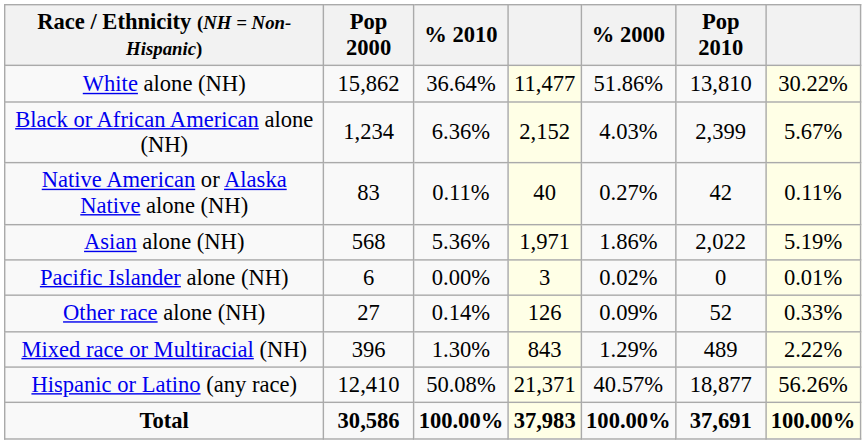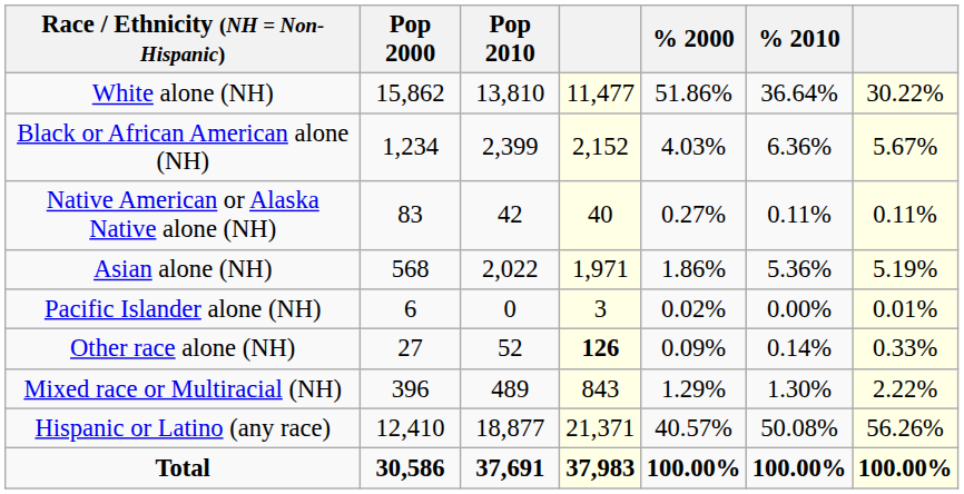 <table class="wikitable" style="text-align:center;">
 <tr>
 <th>Race / Ethnicity <small>(<em>NH = Non-Hispanic</em>)</small></th>
 <th>Pop 2000</th>
-<th>% 2010</th>
+<th>Pop 2010</th>
 <th></th>
 <th>% 2000</th>
-<th>Pop 2010</th>
+<th>% 2010</th>
 <th></th>
 </tr>
 <tr>
 <td><a href='#'>White</a> alone (NH)</td>
 <td>15,862</td>
-<td>36.64%</td>
+<td>13,810</td>
 <td style='background: #ffffe6;'>11,477</td>
 <td>51.86%</td>
-<td>13,810</td>
+<td>36.64%</td>
 <td style='background: #ffffe6;'>30.22%</td>
 </tr>
 <tr>
 <td><a href='#'>Black or African American</a> alone (NH)</td>
 <td>1,234</td>
-<td>6.36%</td>
+<td>2,399</td>
 <td style='background: #ffffe6;'>2,152</td>
 <td>4.03%</td>
-<td>2,399</td>
+<td>6.36%</td>
 <td style='background: #ffffe6;'>5.67%</td>
 </tr>
 <tr>
 <td><a href='#'>Native American</a> or <a href='#'>Alaska Native</a> alone (NH)</td>
 <td>83</td>
-<td>0.11%</td>
+<td>42</td>
 <td style='background: #ffffe6;'>40</td>
 <td>0.27%</td>
-<td>42</td>
+<td>0.11%</td>
 <td style='background: #ffffe6;'>0.11%</td>
 </tr>
 <tr>
 <td><a href='#'>Asian</a> alone (NH)</td>
 <td>568</td>
-<td>5.36%</td>
+<td>2,022</td>
 <td style='background: #ffffe6;'>1,971</td>
 <td>1.86%</td>
-<td>2,022</td>
+<td>5.36%</td>
 <td style='background: #ffffe6;'>5.19%</td>
 </tr>
 <tr>
 <td><a href='#'>Pacific Islander</a> alone (NH)</td>
 <td>6</td>
-<td>0.00%</td>
+<td>0</td>
 <td style='background: #ffffe6;'>3</td>
 <td>0.02%</td>
-<td>0</td>
+<td>0.00%</td>
 <td style='background: #ffffe6;'>0.01%</td>
 </tr>
 <tr>
 <td><a href='#'>Other race</a> alone (NH)</td>
 <td>27</td>
+<td>52</td>
+<td style='background: #ffffe6;'><strong>126</strong></td>
+<td>0.09%</td>
 <td>0.14%</td>
-<td style='background: #ffffe6;'>126</td>
-<td>0.09%</td>
-<td>52</td>
 <td style='background: #ffffe6;'>0.33%</td>
 </tr>
 <tr>
 <td><a href='#'>Mixed race or Multiracial</a> (NH)</td>
 <td>396</td>
-<td>1.30%</td>
+<td>489</td>
 <td style='background: #ffffe6;'>843</td>
 <td>1.29%</td>
-<td>489</td>
+<td>1.30%</td>
 <td style='background: #ffffe6;'>2.22%</td>
 </tr>
 <tr>
 <td><a href='#'>Hispanic or Latino</a> (any race)</td>
 <td>12,410</td>
-<td>50.08%</td>
+<td>18,877</td>
 <td style='background: #ffffe6;'>21,371</td>
 <td>40.57%</td>
-<td>18,877</td>
+<td>50.08%</td>
 <td style='background: #ffffe6;'>56.26%</td>
 </tr>
 <tr>
 <td><strong>Total</strong></td>
 <td><strong>30,586</strong></td>
-<td><strong>100.00%</strong></td>
+<td><strong>37,691</strong></td>
 <td style='background: #ffffe6;'><strong>37,983</strong></td>
 <td><strong>100.00%</strong></td>
-<td><strong>37,691</strong></td>
+<td><strong>100.00%</strong></td>
 <td style='background: #ffffe6;'><strong>100.00%</strong></td>
 </tr>
 </table>
